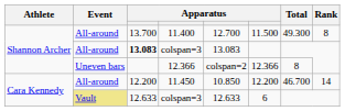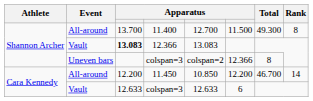 <table class="wikitable" style="font-size:90%">
 <tr>
 <th rowspan=2>Athlete</th>
 <th rowspan=2>Event</th>
 <th colspan=4>Apparatus</th>
 <th rowspan=2>Total</th>
 <th rowspan=2>Rank</th>
 </tr>
 <tr style="font-size:95%">
 <th></th>
 <th></th>
 <th></th>
 <th></th>
 </tr>
 <tr align=center>
 <td align=left rowspan=3><a href='#'>Shannon Archer</a></td>
 <td align=left><a href='#'>All-around</a></td>
 <td>13.700</td>
 <td>11.400</td>
 <td>12.700</td>
 <td>11.500</td>
 <td>49.300</td>
 <td>8</td>
 </tr>
 <tr align=center>
-<td align=left><a href='#'>All-around</a></td>
+<td align=left><a href='#'>Vault</a></td>
 <td><strong>13.083</strong></td>
-<td>colspan=3 </td>
+<td>12.366</td>
 <td>13.083</td>
 <td></td>
 </tr>
 <tr align=center>
 <td align=left><a href='#'>Uneven bars</a></td>
 <td></td>
-<td>12.366</td>
+<td>colspan=3 </td>
 <td>colspan=2 </td>
 <td>12.366</td>
 <td>8</td>
 </tr>
 <tr align=center>
 <td align=left rowspan=2><a href='#'>Cara Kennedy</a></td>
 <td align=left><a href='#'>All-around</a></td>
 <td>12.200</td>
 <td>11.450</td>
 <td>10.850</td>
 <td>12.200</td>
 <td>46.700</td>
 <td>14</td>
 </tr>
 <tr align=center>
-<td align=left style="background: khaki;"><a href='#'>Vault</a></td>
+<td align=left><a href='#'>Vault</a></td>
 <td>12.633</td>
 <td>colspan=3 </td>
 <td>12.633</td>
 <td>6</td>
 </tr>
 </table>
